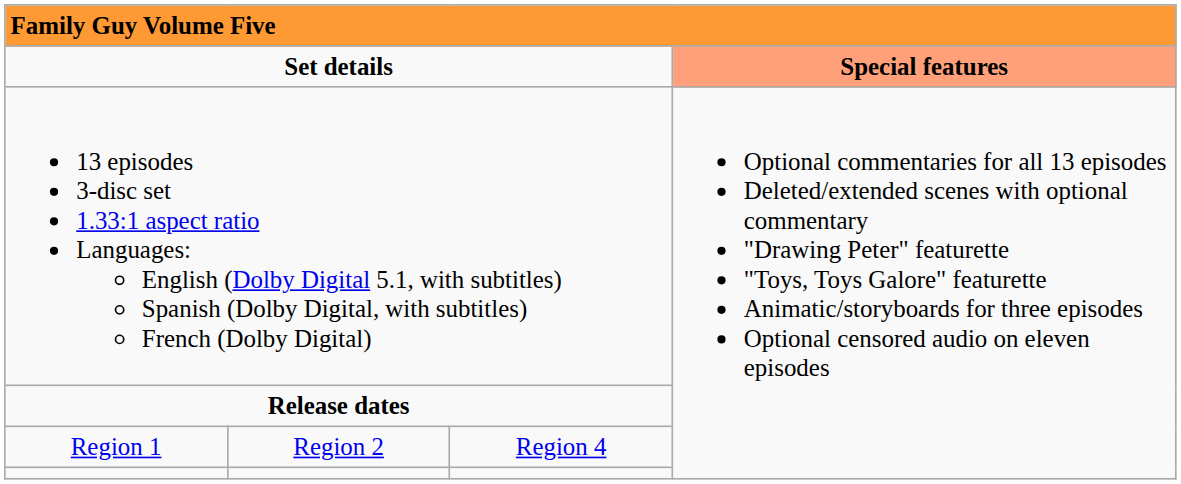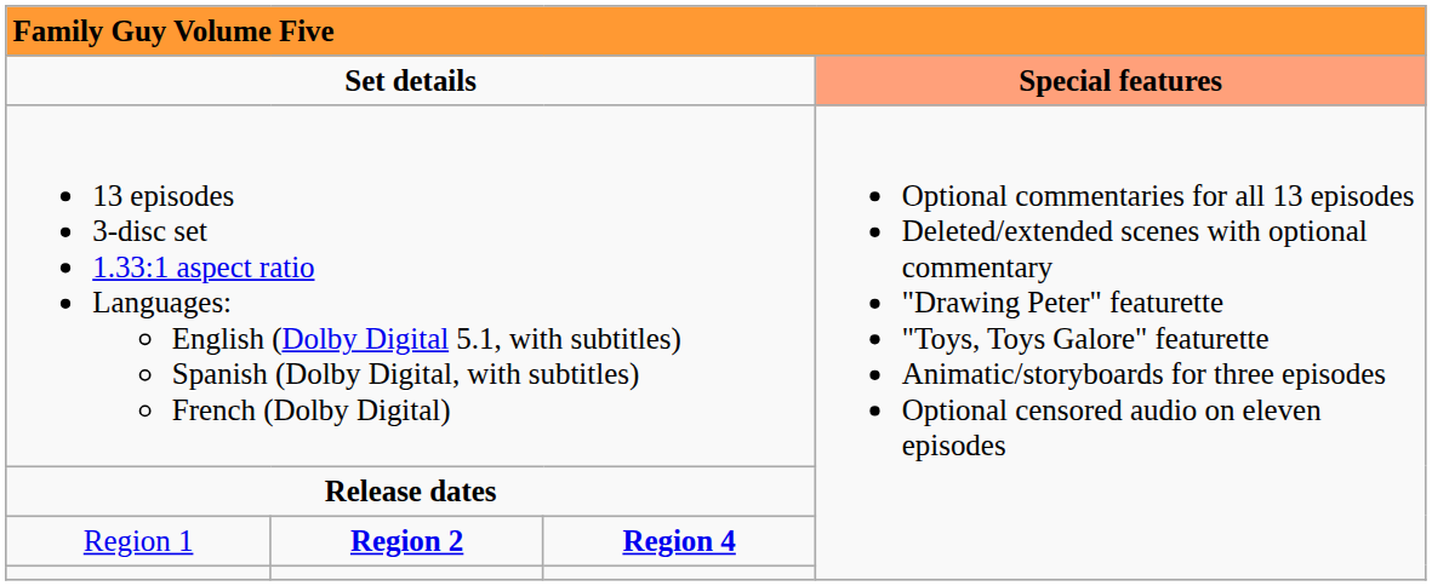 <table class="wikitable" style="font-size: 95%;">
 <tr>
 <td colspan="5" style="background-color: #FF9933;"><strong>Family Guy Volume Five</strong></td>
 </tr>
 <tr valign="top">
 <td align="center" width="400" colspan="3"><strong>Set details</strong></td>
 <td width="300" align="center" style="background: lightsalmon;"><strong>Special features</strong></td>
 </tr>
 <tr valign="top">
 <td colspan="3" align="left" width="400"><br><ul><li>13 episodes</li><li>3-disc set</li><li><a href='#'>1.33:1 aspect ratio</a></li><li>Languages:<ul><li>English (<a href='#'>Dolby Digital</a> 5.1, with subtitles)</li><li>Spanish (Dolby Digital, with subtitles)</li><li>French (Dolby Digital)</li></ul></li></ul></td>
 <td rowspan="4" align="left" width="300"><br><ul><li>Optional commentaries for all 13 episodes</li><li>Deleted/extended scenes with optional commentary</li><li>"Drawing Peter" featurette</li><li>"Toys, Toys Galore" featurette</li><li>Animatic/storyboards for three episodes</li><li>Optional censored audio on eleven episodes</li></ul></td>
 </tr>
 <tr>
 <td colspan="3" align="center"><strong>Release dates</strong></td>
 </tr>
 <tr>
 <td align="center"><a href='#'>Region 1</a></td>
-<td align="center"><a href='#'>Region 2</a></td>
-<td align="center"><a href='#'>Region 4</a></td>
+<td align="center"><strong><a href='#'>Region 2</a></strong></td>
+<td align="center"><strong><a href='#'>Region 4</a></strong></td>
 </tr>
 <tr>
 <td align="center"></td>
 <td align="center"></td>
 <td aligh="center"></td>
 </tr>
 </table>
